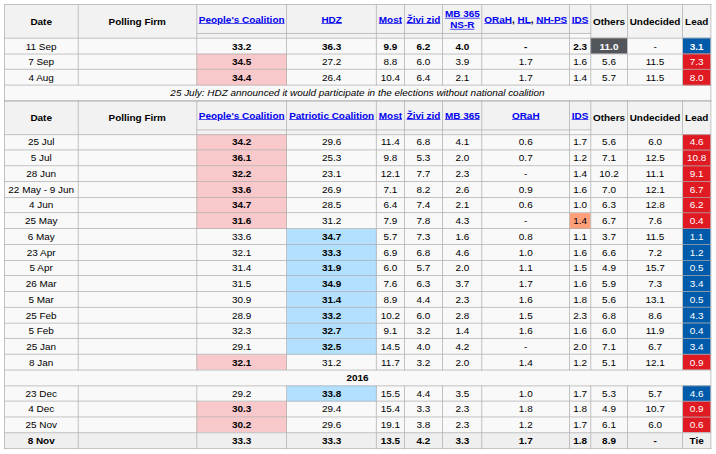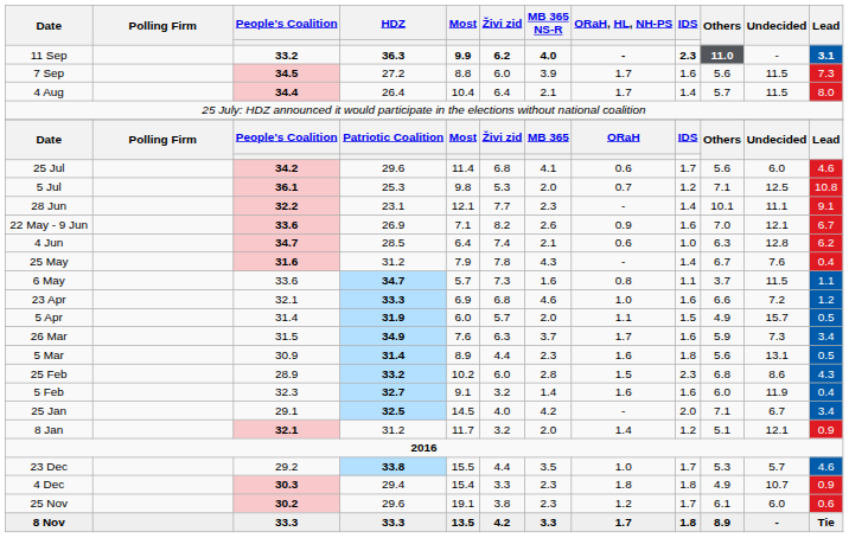 <table class="wikitable" style="text-align:center; font-size:90%; line-height:16px;">
 <tr style="height:42px;">
 <th style="width:100px;" rowspan="2">Date</th>
 <th style="width:165px;" rowspan="2">Polling Firm</th>
 <th><a href='#'>People's Coalition</a></th>
 <th><a href='#'>HDZ</a></th>
 <th><a href='#'><span>Most</span></a></th>
 <th><a href='#'><span>Živi zid</span></a></th>
 <th><a href='#'><span>MB 365</span></a><br><a href='#'><span>NS-R</span></a></th>
 <th><a href='#'><span>ORaH</span></a>, <a href='#'><span>HL</span></a>, <a href='#'><span>NH-PS</span></a></th>
 <th><a href='#'>IDS</a></th>
 <th style="width:40px;" rowspan="2">Others</th>
 <th style="width:40px;" rowspan="2">Undecided</th>
 <th style="width:20px;" rowspan="2">Lead</th>
 </tr>
 <tr>
 <th style="background:"></th>
 <th style="background:"></th>
 <th style="background:"></th>
 <th style="background:"></th>
 <th style="background:"></th>
 <th style="background:"></th>
 <td style="background:"></td>
 </tr>
 <tr>
 <td>11 Sep</td>
 <td></td>
 <td style="background:"><strong>33.2</strong></td>
 <td style="background:"><strong>36.3</strong></td>
 <td style="background:"><strong>9.9</strong></td>
 <td style="background:"><strong>6.2</strong></td>
 <td style="background:"><strong>4.0</strong></td>
 <td style="background:"><strong>-</strong></td>
 <td style="background:"><strong>2.3</strong></td>
 <td style="background:#525559; color:white"><strong>11.0</strong></td>
 <td>-</td>
 <td style="background:#005BAA; color:white;"><strong>3.1</strong></td>
 </tr>
 <tr>
 <td>7 Sep</td>
 <td></td>
 <td style="background:#F9C8CA"><strong>34.5</strong></td>
 <td>27.2</td>
 <td>8.8</td>
 <td>6.0</td>
 <td>3.9</td>
 <td>1.7</td>
 <td>1.6</td>
 <td>5.6</td>
 <td>11.5</td>
 <td style="background:#DF1A22; color:white;">7.3</td>
 </tr>
 <tr>
 <td>4 Aug</td>
 <td></td>
 <td style="background:#F9C8CA"><strong>34.4</strong></td>
 <td>26.4</td>
 <td>10.4</td>
 <td>6.4</td>
 <td>2.1</td>
 <td>1.7</td>
 <td>1.4</td>
 <td>5.7</td>
 <td>11.5</td>
 <td style="background:#DF1A22; color:white;">8.0</td>
 </tr>
 <tr>
 <td colspan="12"><em>25 July: HDZ announced it would participate in the elections without national coalition</em></td>
 </tr>
 <tr>
 </tr>
 <tr style="height:42px;">
 <th style="width:100px;" rowspan="2">Date</th>
 <th style="width:165px;" rowspan="2">Polling Firm</th>
 <th><a href='#'>People's Coalition</a></th>
 <th><a href='#'>Patriotic Coalition</a></th>
 <th><a href='#'><span>Most</span></a></th>
 <th><a href='#'><span>Živi zid</span></a></th>
 <th><a href='#'><span>MB 365</span></a></th>
 <th><a href='#'><span>ORaH</span></a></th>
 <th><a href='#'>IDS</a></th>
 <th style="width:40px;" rowspan="2">Others</th>
 <th style="width:40px;" rowspan="2">Undecided</th>
 <th style="width:20px;" rowspan="2">Lead</th>
 </tr>
 <tr>
 <th style="background:"></th>
 <th style="background:"></th>
 <th style="background:"></th>
 <th style="background:"></th>
 <th style="background:"></th>
 <th style="background:"></th>
 <td style="background:"></td>
 </tr>
 <tr>
 <td>25 Jul</td>
 <td></td>
 <td style="background:#F9C8CA"><strong>34.2</strong></td>
 <td>29.6</td>
 <td>11.4</td>
 <td>6.8</td>
 <td>4.1</td>
 <td>0.6</td>
 <td>1.7</td>
 <td>5.6</td>
 <td>6.0</td>
 <td style="background:#DF1A22; color:white;">4.6</td>
 </tr>
 <tr>
 <td>5 Jul</td>
 <td></td>
 <td style="background:#F9C8CA"><strong>36.1</strong></td>
 <td>25.3</td>
 <td>9.8</td>
 <td>5.3</td>
 <td>2.0</td>
 <td>0.7</td>
 <td>1.2</td>
 <td>7.1</td>
 <td>12.5</td>
 <td style="background:#DF1A22; color:white;">10.8</td>
 </tr>
 <tr>
 <td>28 Jun</td>
 <td></td>
 <td style="background:#F9C8CA"><strong>32.2</strong></td>
 <td>23.1</td>
 <td>12.1</td>
 <td>7.7</td>
 <td>2.3</td>
 <td>-</td>
 <td>1.4</td>
-<td>10.2</td>
+<td>10.1</td>
 <td>11.1</td>
 <td style="background:#DF1A22; color:white;">9.1</td>
 </tr>
 <tr>
 <td>22 May - 9 Jun</td>
 <td> </td>
 <td style="background:#F9C8CA"><strong>33.6</strong></td>
 <td>26.9</td>
 <td>7.1</td>
 <td>8.2</td>
 <td>2.6</td>
 <td>0.9</td>
 <td>1.6</td>
 <td>7.0</td>
 <td>12.1</td>
 <td style="background:#DF1A22; color:white;">6.7</td>
 </tr>
 <tr>
 <td>4 Jun</td>
 <td></td>
 <td style="background:#F9C8CA"><strong>34.7</strong></td>
 <td>28.5</td>
 <td>6.4</td>
 <td>7.4</td>
 <td>2.1</td>
 <td>0.6</td>
 <td>1.0</td>
 <td>6.3</td>
 <td>12.8</td>
 <td style="background:#DF1A22; color:white;">6.2</td>
 </tr>
 <tr>
 <td>25 May</td>
 <td></td>
 <td style="background:#F9C8CA"><strong>31.6</strong></td>
 <td>31.2</td>
 <td>7.9</td>
 <td>7.8</td>
 <td>4.3</td>
 <td>-</td>
-<td style="background: lightsalmon;">1.4</td>
+<td>1.4</td>
 <td>6.7</td>
 <td>7.6</td>
 <td style="background:#DF1A22; color:white;">0.4</td>
 </tr>
 <tr>
 <td>6 May</td>
 <td></td>
 <td>33.6</td>
 <td style="background:#B3E0FF"><strong>34.7</strong></td>
 <td>5.7</td>
 <td>7.3</td>
 <td>1.6</td>
 <td>0.8</td>
 <td>1.1</td>
 <td>3.7</td>
 <td>11.5</td>
 <td style="background:#005BAA; color:white;">1.1</td>
 </tr>
 <tr>
 <td>23 Apr</td>
 <td></td>
 <td>32.1</td>
 <td style="background:#B3E0FF"><strong>33.3</strong></td>
 <td>6.9</td>
 <td>6.8</td>
 <td>4.6</td>
 <td>1.0</td>
 <td>1.6</td>
 <td>6.6</td>
 <td>7.2</td>
 <td style="background:#005BAA; color:white;">1.2</td>
 </tr>
 <tr>
 <td>5 Apr</td>
 <td></td>
 <td>31.4</td>
 <td style="background:#B3E0FF"><strong>31.9</strong></td>
 <td>6.0</td>
 <td>5.7</td>
 <td>2.0</td>
 <td>1.1</td>
 <td>1.5</td>
 <td>4.9</td>
 <td>15.7</td>
 <td style="background:#005BAA; color:white;">0.5</td>
 </tr>
 <tr>
 <td>26 Mar</td>
 <td></td>
 <td>31.5</td>
 <td style="background:#B3E0FF"><strong>34.9</strong></td>
 <td>7.6</td>
 <td>6.3</td>
 <td>3.7</td>
 <td>1.7</td>
 <td>1.6</td>
 <td>5.9</td>
 <td>7.3</td>
 <td style="background:#005BAA; color:white;">3.4</td>
 </tr>
 <tr>
 <td>5 Mar</td>
 <td></td>
 <td>30.9</td>
 <td style="background:#B3E0FF"><strong>31.4</strong></td>
 <td>8.9</td>
 <td>4.4</td>
 <td>2.3</td>
 <td>1.6</td>
 <td>1.8</td>
 <td>5.6</td>
 <td>13.1</td>
 <td style="background:#005BAA; color:white;">0.5</td>
 </tr>
 <tr>
 <td>25 Feb</td>
 <td></td>
 <td>28.9</td>
 <td style="background:#B3E0FF"><strong>33.2</strong></td>
 <td>10.2</td>
 <td>6.0</td>
 <td>2.8</td>
 <td>1.5</td>
 <td>2.3</td>
 <td>6.8</td>
 <td>8.6</td>
 <td style="background:#005BAA; color:white;">4.3</td>
 </tr>
 <tr>
 <td>5 Feb</td>
 <td></td>
 <td>32.3</td>
 <td style="background:#B3E0FF"><strong>32.7</strong></td>
 <td>9.1</td>
 <td>3.2</td>
 <td>1.4</td>
 <td>1.6</td>
 <td>1.6</td>
 <td>6.0</td>
 <td>11.9</td>
 <td style="background:#005BAA; color:white;">0.4</td>
 </tr>
 <tr>
 <td>25 Jan</td>
 <td></td>
 <td>29.1</td>
 <td style="background:#B3E0FF"><strong>32.5</strong></td>
 <td>14.5</td>
 <td>4.0</td>
 <td>4.2</td>
 <td>-</td>
 <td>2.0</td>
 <td>7.1</td>
 <td>6.7</td>
 <td style="background:#005BAA; color:white;">3.4</td>
 </tr>
 <tr>
 <td>8 Jan</td>
 <td></td>
 <td style="background:#F9C8CA"><strong>32.1</strong></td>
 <td>31.2</td>
 <td>11.7</td>
 <td>3.2</td>
 <td>2.0</td>
 <td>1.4</td>
 <td>1.2</td>
 <td>5.1</td>
 <td>12.1</td>
 <td style="background:#DF1A22; color:white;">0.9</td>
 </tr>
 <tr>
 <td colspan="12"><strong>2016</strong></td>
 </tr>
 <tr>
 <td>23 Dec</td>
 <td></td>
 <td>29.2</td>
 <td style="background:#B3E0FF"><strong>33.8</strong></td>
 <td>15.5</td>
 <td>4.4</td>
 <td>3.5</td>
 <td>1.0</td>
 <td>1.7</td>
 <td>5.3</td>
 <td>5.7</td>
 <td style="background:#005BAA; color:white;">4.6</td>
 </tr>
 <tr>
 <td>4 Dec</td>
 <td></td>
 <td style="background:#F9C8CA"><strong>30.3</strong></td>
 <td>29.4</td>
 <td>15.4</td>
 <td>3.3</td>
 <td>2.3</td>
 <td>1.8</td>
 <td>1.8</td>
 <td>4.9</td>
 <td>10.7</td>
 <td style="background:#DF1A22; color:white;">0.9</td>
 </tr>
 <tr>
 <td>25 Nov</td>
 <td></td>
 <td style="background:#F9C8CA"><strong>30.2</strong></td>
 <td>29.6</td>
 <td>19.1</td>
 <td>3.8</td>
 <td>2.3</td>
 <td>1.2</td>
 <td>1.7</td>
 <td>6.1</td>
 <td>6.0</td>
 <td style="background:#DF1A22; color:white;">0.6</td>
 </tr>
 <tr style="background:#EFEFEF; font-weight:bold;">
 <td>8 Nov</td>
 <td></td>
 <td>33.3</td>
 <td>33.3</td>
 <td>13.5</td>
 <td>4.2</td>
 <td>3.3</td>
 <td>1.7</td>
 <td>1.8</td>
 <td>8.9</td>
 <td>-</td>
 <td>Tie</td>
 </tr>
 </table>
